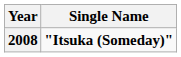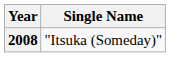 <table class="wikitable">
 <tr>
 <th>Year</th>
 <th>Single Name</th>
 </tr>
 <tr>
 <th scope="row">2008</th>
-<td><strong>"Itsuka (Someday)"</strong></td>
+<td>"Itsuka (Someday)"</td>
 </tr>
 </table>
